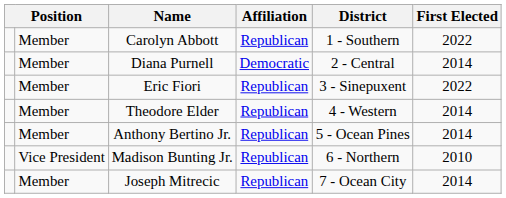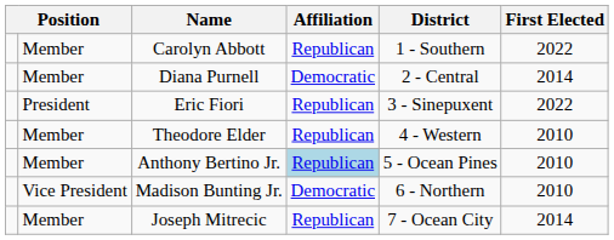 <table class="wikitable">
 <tr>
 <th colspan="2" style="text-align:center; vertical-align:bottom;">Position</th>
 <th style="text-align:center;">Name</th>
 <th valign="bottom">Affiliation</th>
 <th style="vertical-align:bottom; text-align:center;">District</th>
 <th style="vertical-align:bottom; text-align:center;">First Elected</th>
 </tr>
 <tr>
 <td style="background-color:"> </td>
 <td>Member</td>
 <td style="text-align:center;">Carolyn Abbott</td>
 <td style="text-align:center;"><a href='#'>Republican</a></td>
 <td style="text-align:center;">1 - Southern</td>
 <td style="text-align:center;">2022</td>
 </tr>
 <tr>
 <td style="background-color:"> </td>
 <td>Member</td>
 <td style="text-align:center;">Diana Purnell</td>
 <td style="text-align:center;"><a href='#'>Democratic</a></td>
 <td style="text-align:center;">2 - Central</td>
 <td style="text-align:center;">2014</td>
 </tr>
 <tr>
 <td style="background-color:"> </td>
-<td>Member</td>
+<td>President</td>
 <td style="text-align:center;">Eric Fiori</td>
 <td style="text-align:center;"><a href='#'>Republican</a></td>
 <td style="text-align:center;">3 - Sinepuxent</td>
 <td style="text-align:center;">2022</td>
 </tr>
 <tr>
 <td style="background-color:"> </td>
 <td>Member</td>
 <td style="text-align:center;">Theodore Elder</td>
 <td style="text-align:center;"><a href='#'>Republican</a></td>
 <td style="text-align:center;">4 - Western</td>
-<td style="text-align:center;">2014</td>
+<td style="text-align:center;">2010</td>
 </tr>
 <tr>
 <td style="background-color:"> </td>
 <td>Member</td>
 <td style="text-align:center;">Anthony Bertino Jr.</td>
-<td style="text-align:center;"><a href='#'>Republican</a></td>
+<td style="background: lightblue; text-align:center;"><a href='#'>Republican</a></td>
 <td style="text-align:center;">5 - Ocean Pines</td>
-<td style="text-align:center;">2014</td>
+<td style="text-align:center;">2010</td>
 </tr>
 <tr>
 <td style="background-color:"> </td>
 <td>Vice President</td>
 <td style="text-align:center;">Madison Bunting Jr.</td>
-<td style="text-align:center;"><a href='#'>Republican</a></td>
+<td style="text-align:center;"><a href='#'>Democratic</a></td>
 <td style="text-align:center;">6 - Northern</td>
 <td style="text-align:center;">2010</td>
 </tr>
 <tr>
 <td style="background-color:"> </td>
 <td>Member</td>
 <td style="text-align:center;">Joseph Mitrecic</td>
 <td style="text-align:center;"><a href='#'>Republican</a></td>
 <td style="text-align:center;">7 - Ocean City</td>
 <td style="text-align:center;">2014</td>
 </tr>
 </table>
